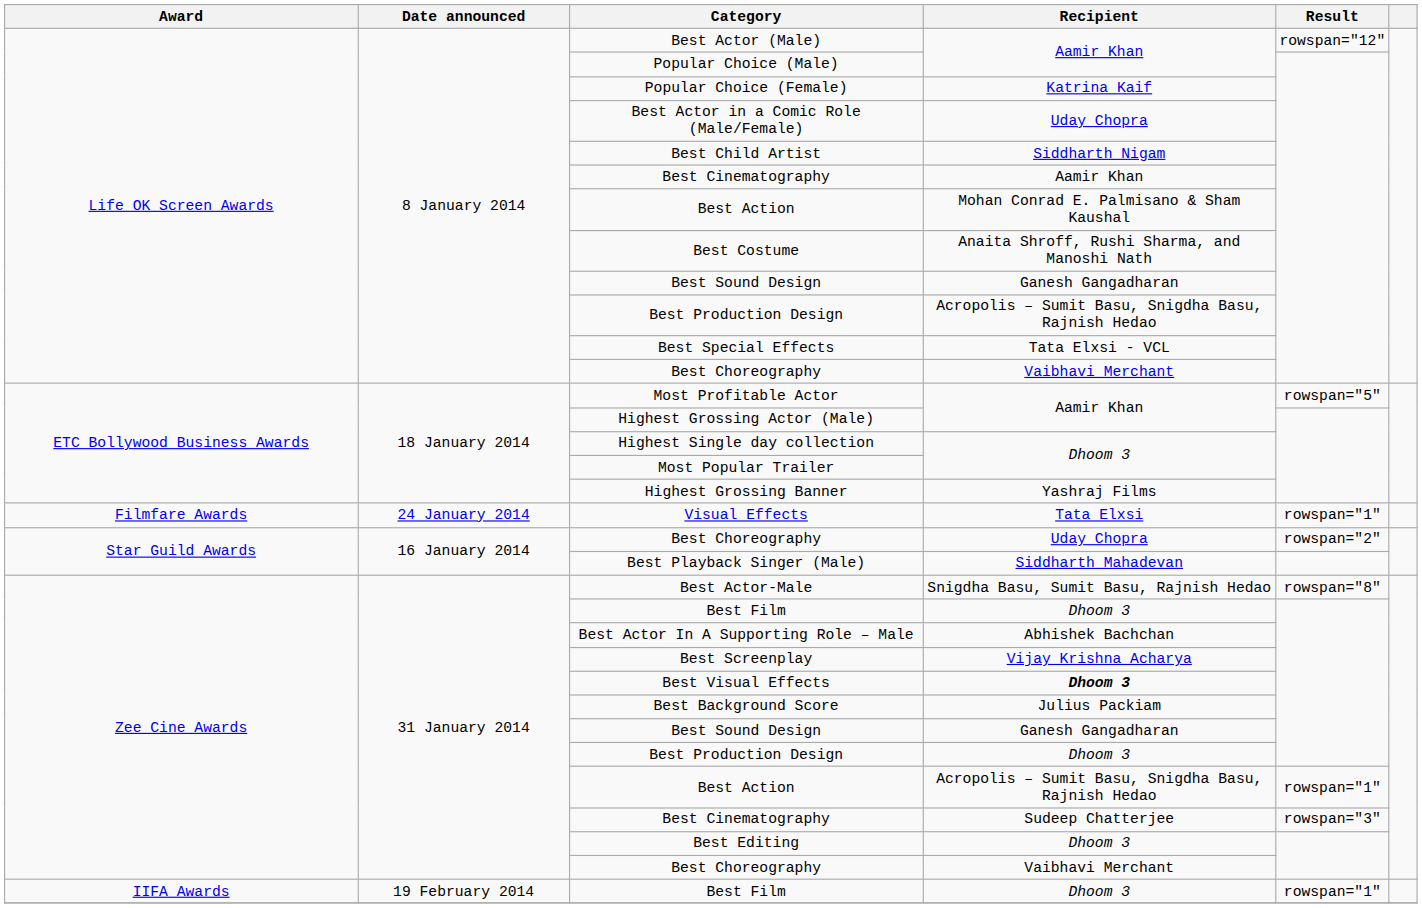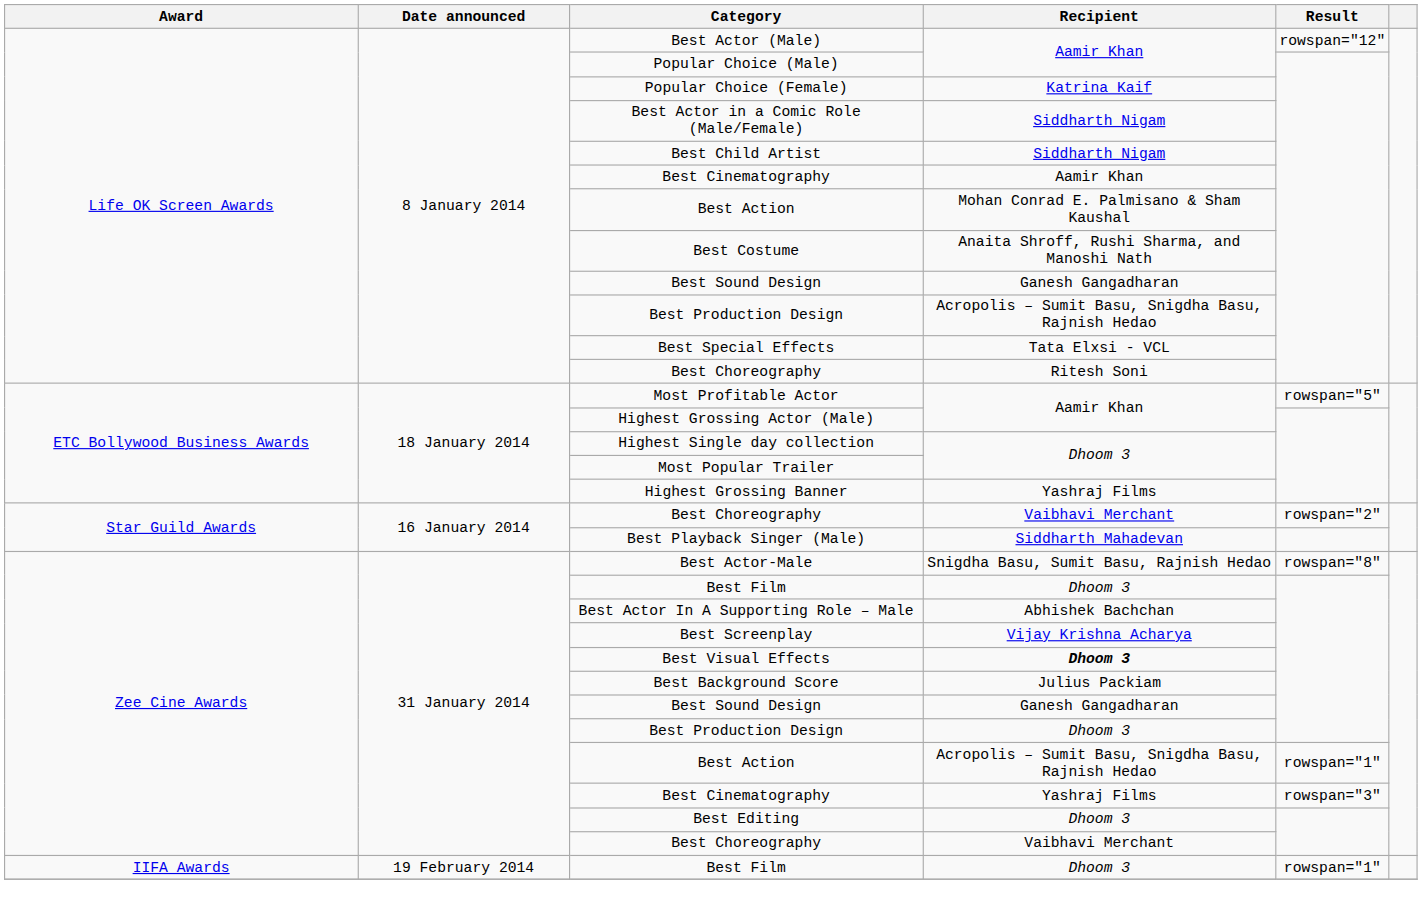 <table class="wikitable collapsible" style="text-align:center;">
 <tr>
 <th width="25%" scope="col">Award</th>
 <th width="15%" scope="col">Date announced</th>
 <th width="25%" scope="col">Category</th>
 <th width="25%" scope="col">Recipient</th>
 <th width="8%" scope="col">Result</th>
 <th width="2%" scope="col"></th>
 </tr>
 <tr>
 <td rowspan="12"><a href='#'>Life OK Screen Awards</a></td>
 <td rowspan="12" style="text-align:center;">8 January 2014</td>
 <td>Best Actor (Male)</td>
 <td rowspan="2"><a href='#'>Aamir Khan</a></td>
 <td>rowspan="12" </td>
 <td align="center" rowspan="12"></td>
 </tr>
 <tr>
 <td>Popular Choice (Male)</td>
 </tr>
 <tr>
 <td>Popular Choice (Female)</td>
 <td><a href='#'>Katrina Kaif</a></td>
 </tr>
 <tr>
 <td>Best Actor in a Comic Role (Male/Female)</td>
-<td><a href='#'>Uday Chopra</a></td>
+<td><a href='#'>Siddharth Nigam</a></td>
 </tr>
 <tr>
 <td>Best Child Artist</td>
 <td><a href='#'>Siddharth Nigam</a></td>
 </tr>
 <tr>
 <td>Best Cinematography</td>
 <td>Aamir Khan</td>
 </tr>
 <tr>
 <td>Best Action</td>
 <td>Mohan Conrad E. Palmisano & Sham Kaushal</td>
 </tr>
 <tr>
 <td>Best Costume</td>
 <td>Anaita Shroff, Rushi Sharma, and Manoshi Nath</td>
 </tr>
 <tr>
 <td>Best Sound Design</td>
 <td>Ganesh Gangadharan</td>
 </tr>
 <tr>
 <td>Best Production Design</td>
 <td>Acropolis – Sumit Basu, Snigdha Basu, Rajnish Hedao</td>
 </tr>
 <tr>
 <td>Best Special Effects</td>
 <td>Tata Elxsi - VCL</td>
 </tr>
 <tr>
 <td>Best Choreography</td>
-<td><a href='#'>Vaibhavi Merchant</a></td>
+<td>Ritesh Soni</td>
 </tr>
 <tr>
 <td rowspan="5"><a href='#'>ETC Bollywood Business Awards</a></td>
 <td rowspan="5" style="text-align:center;">18 January 2014</td>
 <td>Most Profitable Actor</td>
 <td rowspan="2">Aamir Khan</td>
 <td>rowspan="5" </td>
 <td rowspan="5" align="center"></td>
 </tr>
 <tr>
 <td>Highest Grossing Actor (Male)</td>
 </tr>
 <tr>
 <td>Highest Single day collection</td>
 <td rowspan="2"><em>Dhoom 3</em></td>
 </tr>
 <tr>
 <td>Most Popular Trailer</td>
 </tr>
 <tr>
 <td>Highest Grossing Banner</td>
 <td>Yashraj Films</td>
 </tr>
 <tr>
-<td rowspan="1" style="text-align:center;"><a href='#'>Filmfare Awards</a></td>
-<td rowspan="1"><a href='#'>24 January 2014</a></td>
-<td><a href='#'>Visual Effects</a></td>
-<td><a href='#'>Tata Elxsi</a></td>
-<td>rowspan="1" </td>
-<td rowspan="1" align="center"></td>
-</tr>
-<tr>
 <td rowspan="2" style="text-align:center;"><a href='#'>Star Guild Awards</a></td>
 <td rowspan="2" style="text-align:center;">16 January 2014</td>
 <td>Best Choreography</td>
-<td><a href='#'>Uday Chopra</a></td>
+<td><a href='#'>Vaibhavi Merchant</a></td>
 <td>rowspan="2" </td>
 <td rowspan="2" align="center"></td>
 </tr>
 <tr>
 <td>Best Playback Singer (Male)</td>
 <td><a href='#'>Siddharth Mahadevan</a></td>
 </tr>
 <tr>
 <td rowspan="12" style="text-align:center;"><a href='#'>Zee Cine Awards</a></td>
 <td rowspan="12" style="text-align:center;">31 January 2014</td>
 <td>Best Actor-Male</td>
 <td>Snigdha Basu, Sumit Basu, Rajnish Hedao</td>
 <td>rowspan="8" </td>
 <td rowspan="12" align="center"></td>
 </tr>
 <tr>
 <td>Best Film</td>
 <td><em>Dhoom 3</em></td>
 </tr>
 <tr>
 <td>Best Actor In A Supporting Role – Male</td>
 <td>Abhishek Bachchan</td>
 </tr>
 <tr>
 <td>Best Screenplay</td>
 <td><a href='#'>Vijay Krishna Acharya</a></td>
 </tr>
 <tr>
 <td>Best Visual Effects</td>
 <td><strong><em>Dhoom 3</em></strong></td>
 </tr>
 <tr>
 <td>Best Background Score</td>
 <td>Julius Packiam</td>
 </tr>
 <tr>
 <td>Best Sound Design</td>
 <td>Ganesh Gangadharan</td>
 </tr>
 <tr>
 <td>Best Production Design</td>
 <td><em>Dhoom 3</em></td>
 </tr>
 <tr>
 <td>Best Action</td>
 <td>Acropolis – Sumit Basu, Snigdha Basu, Rajnish Hedao</td>
 <td>rowspan="1" </td>
 </tr>
 <tr>
 <td>Best Cinematography</td>
-<td>Sudeep Chatterjee</td>
+<td>Yashraj Films</td>
 <td>rowspan="3" </td>
 </tr>
 <tr>
 <td>Best Editing</td>
 <td><em>Dhoom 3</em></td>
 </tr>
 <tr>
 <td>Best Choreography</td>
 <td>Vaibhavi Merchant</td>
 </tr>
 <tr>
 <td rowspan="1"><a href='#'>IIFA Awards</a></td>
 <td rowspan="1" style="text-align:center;">19 February 2014</td>
 <td>Best Film</td>
 <td><em>Dhoom 3</em></td>
 <td>rowspan="1" </td>
 <td rowspan="1" align="center"></td>
 </tr>
 <tr>
 </tr>
 </table>
